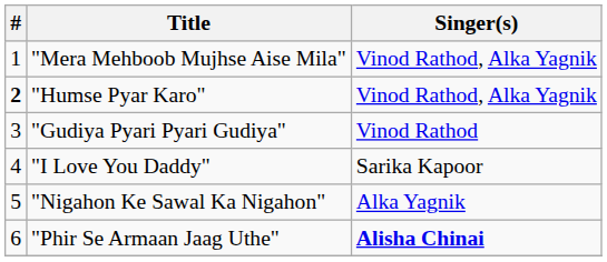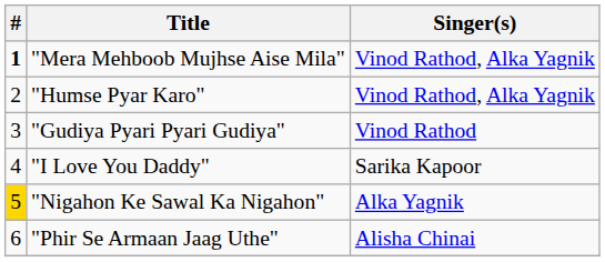 <table class="wikitable" style="font-size:95%;">
 <tr>
 <th>#</th>
 <th>Title</th>
 <th>Singer(s)</th>
 </tr>
 <tr>
-<td>1</td>
+<td><strong>1</strong></td>
 <td>"Mera Mehboob Mujhse Aise Mila"</td>
 <td><a href='#'>Vinod Rathod</a>, <a href='#'>Alka Yagnik</a></td>
 </tr>
 <tr>
-<td><strong>2</strong></td>
+<td>2</td>
 <td>"Humse Pyar Karo"</td>
 <td><a href='#'>Vinod Rathod</a>, <a href='#'>Alka Yagnik</a></td>
 </tr>
 <tr>
 <td>3</td>
 <td>"Gudiya Pyari Pyari Gudiya"</td>
 <td><a href='#'>Vinod Rathod</a></td>
 </tr>
 <tr>
 <td>4</td>
 <td>"I Love You Daddy"</td>
 <td>Sarika Kapoor</td>
 </tr>
 <tr>
-<td>5</td>
+<td style="background: gold;">5</td>
 <td>"Nigahon Ke Sawal Ka Nigahon"</td>
 <td><a href='#'>Alka Yagnik</a></td>
 </tr>
 <tr>
 <td>6</td>
 <td>"Phir Se Armaan Jaag Uthe"</td>
-<td><strong><a href='#'>Alisha Chinai</a></strong></td>
+<td><a href='#'>Alisha Chinai</a></td>
 </tr>
 <tr>
 </tr>
 </table>
